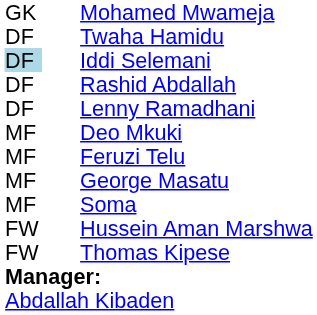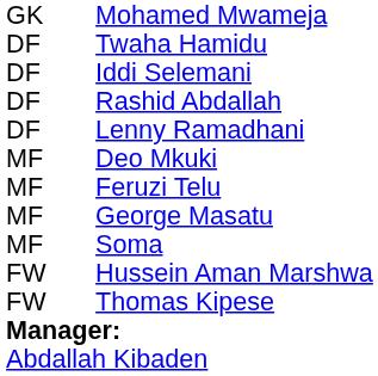 <table cellspacing="0" cellpadding="0" style="font-size:90%; margin:0.2em auto;">
 <tr>
 <th width="25"></th>
 <th width="25"></th>
 </tr>
 <tr>
 <td>GK</td>
 <td></td>
 <td> <a href='#'>Mohamed Mwameja</a></td>
 </tr>
 <tr>
 <td>DF</td>
 <td></td>
 <td> <a href='#'>Twaha Hamidu</a></td>
 </tr>
 <tr>
-<td style="background: lightblue;">DF</td>
+<td>DF</td>
 <td></td>
 <td> <a href='#'>Iddi Selemani</a></td>
 </tr>
 <tr>
 <td>DF</td>
 <td></td>
 <td> <a href='#'>Rashid Abdallah</a></td>
 </tr>
 <tr>
 <td>DF</td>
 <td></td>
 <td> <a href='#'>Lenny Ramadhani</a></td>
 </tr>
 <tr>
 <td>MF</td>
 <td></td>
 <td> <a href='#'>Deo Mkuki</a></td>
 </tr>
 <tr>
 <td>MF</td>
 <td></td>
 <td> <a href='#'>Feruzi Telu</a></td>
 </tr>
 <tr>
 <td>MF</td>
 <td></td>
 <td> <a href='#'>George Masatu</a></td>
 </tr>
 <tr>
 <td>MF</td>
 <td></td>
 <td> <a href='#'>Soma</a></td>
 </tr>
 <tr>
 <td>FW</td>
 <td></td>
 <td> <a href='#'>Hussein Aman Marshwa</a></td>
 </tr>
 <tr>
 <td>FW</td>
 <td></td>
 <td> <a href='#'>Thomas Kipese</a></td>
 </tr>
 <tr>
 <td colspan=3><strong>Manager:</strong></td>
 </tr>
 <tr>
 <td colspan=4> <a href='#'>Abdallah Kibaden</a></td>
 </tr>
 </table>
